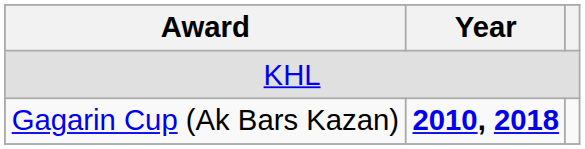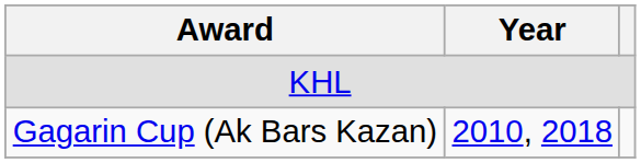 <table class="wikitable">
 <tr>
 <th>Award</th>
 <th>Year</th>
 <th></th>
 </tr>
 <tr ALIGN="center" bgcolor="#e0e0e0">
 <td colspan="3"><a href='#'>KHL</a></td>
 </tr>
 <tr>
 <td><a href='#'>Gagarin Cup</a> (Ak Bars Kazan)</td>
-<td><strong><a href='#'>2010</a>, <a href='#'>2018</a></strong></td>
+<td><a href='#'>2010</a>, <a href='#'>2018</a></td>
 <td></td>
 </tr>
 </table>
